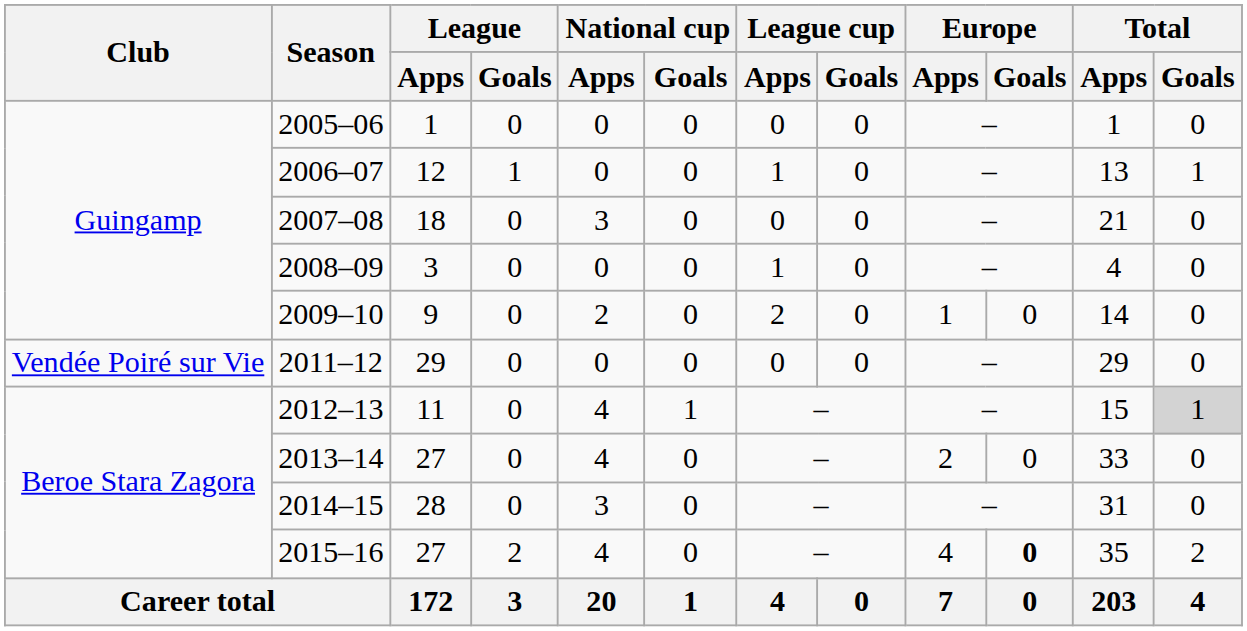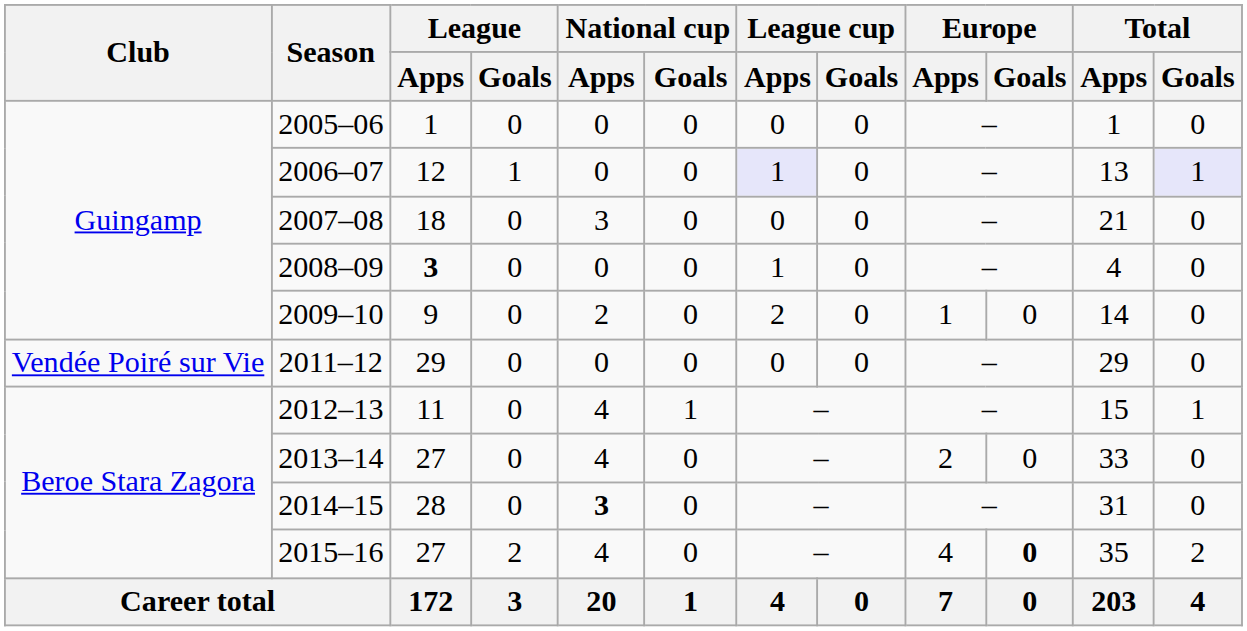 <table class="wikitable" style="text-align:center">
 <tr>
 <th rowspan="2">Club</th>
 <th rowspan="2">Season</th>
 <th colspan="2">League</th>
 <th colspan="2">National cup</th>
 <th colspan="2">League cup</th>
 <th colspan="2">Europe</th>
 <th colspan="2">Total</th>
 </tr>
 <tr>
 <th>Apps</th>
 <th>Goals</th>
 <th>Apps</th>
 <th>Goals</th>
 <th>Apps</th>
 <th>Goals</th>
 <th>Apps</th>
 <th>Goals</th>
 <th>Apps</th>
 <th>Goals</th>
 </tr>
 <tr>
 <td rowspan="5"><a href='#'>Guingamp</a></td>
 <td>2005–06</td>
 <td>1</td>
 <td>0</td>
 <td>0</td>
 <td>0</td>
 <td>0</td>
 <td>0</td>
 <td colspan="2">–</td>
 <td>1</td>
 <td>0</td>
 </tr>
 <tr>
 <td>2006–07</td>
 <td>12</td>
 <td>1</td>
 <td>0</td>
 <td>0</td>
-<td>1</td>
+<td style="background: lavender;">1</td>
 <td>0</td>
 <td colspan="2">–</td>
 <td>13</td>
-<td>1</td>
+<td style="background: lavender;">1</td>
 </tr>
 <tr>
 <td>2007–08</td>
 <td>18</td>
 <td>0</td>
 <td>3</td>
 <td>0</td>
 <td>0</td>
 <td>0</td>
 <td colspan="2">–</td>
 <td>21</td>
 <td>0</td>
 </tr>
 <tr>
 <td>2008–09</td>
-<td>3</td>
+<td><strong>3</strong></td>
 <td>0</td>
 <td>0</td>
 <td>0</td>
 <td>1</td>
 <td>0</td>
 <td colspan="2">–</td>
 <td>4</td>
 <td>0</td>
 </tr>
 <tr>
 <td>2009–10</td>
 <td>9</td>
 <td>0</td>
 <td>2</td>
 <td>0</td>
 <td>2</td>
 <td>0</td>
 <td>1</td>
 <td>0</td>
 <td>14</td>
 <td>0</td>
 </tr>
 <tr>
 <td><a href='#'>Vendée Poiré sur Vie</a></td>
 <td>2011–12</td>
 <td>29</td>
 <td>0</td>
 <td>0</td>
 <td>0</td>
 <td>0</td>
 <td>0</td>
 <td colspan="2">–</td>
 <td>29</td>
 <td>0</td>
 </tr>
 <tr>
 <td rowspan="4"><a href='#'>Beroe Stara Zagora</a></td>
 <td>2012–13</td>
 <td>11</td>
 <td>0</td>
 <td>4</td>
 <td>1</td>
 <td colspan="2">–</td>
 <td colspan="2">–</td>
 <td>15</td>
-<td style="background: lightgrey;">1</td>
+<td>1</td>
 </tr>
 <tr>
 <td>2013–14</td>
 <td>27</td>
 <td>0</td>
 <td>4</td>
 <td>0</td>
 <td colspan="2">–</td>
 <td>2</td>
 <td>0</td>
 <td>33</td>
 <td>0</td>
 </tr>
 <tr>
 <td>2014–15</td>
 <td>28</td>
 <td>0</td>
-<td>3</td>
+<td><strong>3</strong></td>
 <td>0</td>
 <td colspan="2">–</td>
 <td colspan="2">–</td>
 <td>31</td>
 <td>0</td>
 </tr>
 <tr>
 <td>2015–16</td>
 <td>27</td>
 <td>2</td>
 <td>4</td>
 <td>0</td>
 <td colspan="2">–</td>
 <td>4</td>
 <td><strong>0</strong></td>
 <td>35</td>
 <td>2</td>
 </tr>
 <tr>
 <th colspan="2">Career total</th>
 <th>172</th>
 <th>3</th>
 <th>20</th>
 <th>1</th>
 <th>4</th>
 <th>0</th>
 <th>7</th>
 <th>0</th>
 <th>203</th>
 <th>4</th>
 </tr>
 </table>
